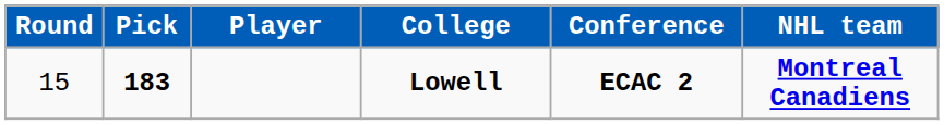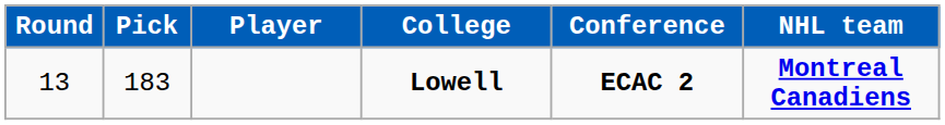 <table class="wikitable sortable" width="75%">
 <tr>
 <th style="color:white; background-color:#005EB8; width: 4em;">Round</th>
 <th style="color:white; background-color:#005EB8; width: 4em;">Pick</th>
 <th style="color:white; background-color:#005EB8; width: 12em;">Player</th>
 <th style="color:white; background-color:#005EB8; width: 13em;">College</th>
 <th style="color:white; background-color:#005EB8; width: 9em;">Conference</th>
 <th style="color:white; background-color:#005EB8; width: 11em;">NHL team</th>
 </tr>
 <tr align="center" bgcolor="">
-<td>15</td>
-<td><strong>183</strong></td>
+<td>13</td>
+<td>183</td>
 <td></td>
 <td><strong>Lowell</strong></td>
 <td><strong>ECAC 2</strong></td>
 <td><strong><a href='#'>Montreal Canadiens</a></strong></td>
 </tr>
 </table>
